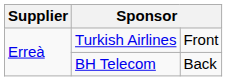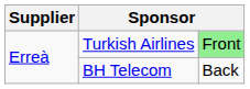 <table class="wikitable">
 <tr>
 <th>Supplier</th>
 <th colspan=2>Sponsor</th>
 </tr>
 <tr>
 <td rowspan=3> <a href='#'>Erreà</a></td>
 <td> <a href='#'>Turkish Airlines</a></td>
-<td>Front</td>
+<td style="background: lightgreen;">Front</td>
 </tr>
 <tr>
 <td> <a href='#'>BH Telecom</a></td>
 <td rowspan=2>Back</td>
 </tr>
 </table>
